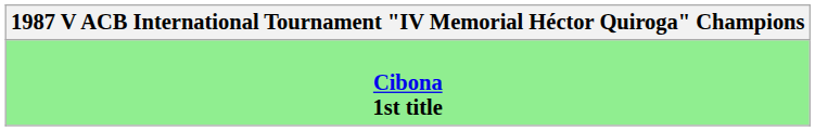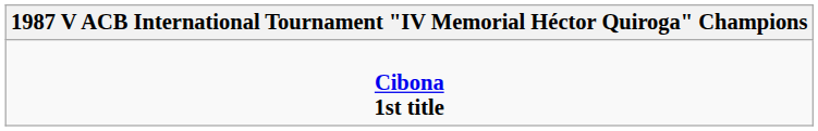 <table class=wikitable style="text-align:center; margin:auto">
 <tr>
 <th>1987 V ACB International Tournament "IV Memorial Héctor Quiroga" Champions</th>
 </tr>
 <tr>
-<td style="background: lightgreen;"><br> <strong><a href='#'>Cibona</a></strong> <br> <strong>1st title</strong></td>
+<td><br> <strong><a href='#'>Cibona</a></strong> <br> <strong>1st title</strong></td>
 </tr>
 </table>
